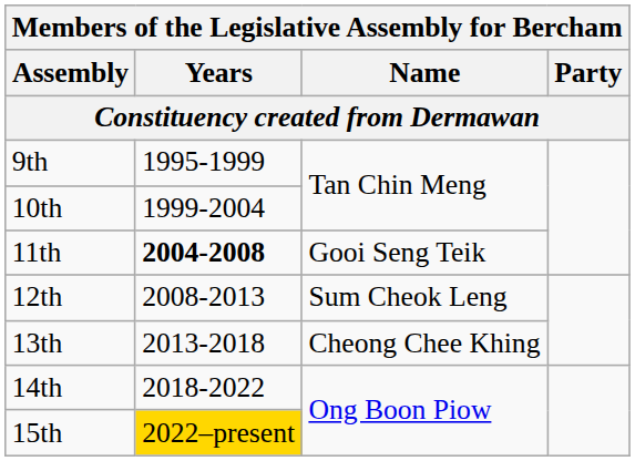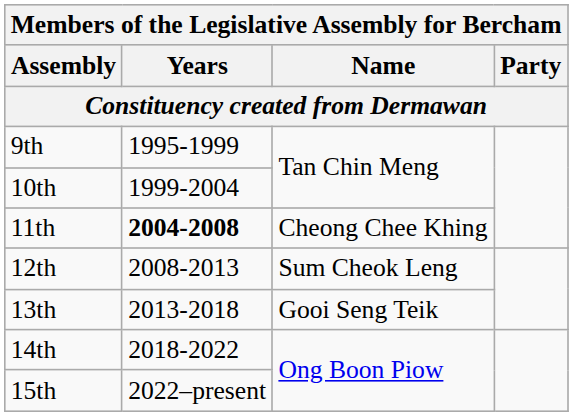 <table class="wikitable">
 <tr>
 <th colspan="4">Members of the Legislative Assembly for Bercham</th>
 </tr>
 <tr>
 <th>Assembly</th>
 <th>Years</th>
 <th>Name</th>
 <th>Party</th>
 </tr>
 <tr>
 <th colspan="4"><em>Constituency created from Dermawan</em></th>
 </tr>
 <tr>
 <td>9th</td>
 <td>1995-1999</td>
 <td rowspan="2">Tan Chin Meng</td>
 <td rowspan="3"></td>
 </tr>
 <tr>
 <td>10th</td>
 <td>1999-2004</td>
 </tr>
 <tr>
 <td>11th</td>
 <td><strong>2004-2008</strong></td>
-<td>Gooi Seng Teik</td>
+<td>Cheong Chee Khing</td>
 </tr>
 <tr>
 <td>12th</td>
 <td>2008-2013</td>
 <td>Sum Cheok Leng</td>
 <td rowspan="2"></td>
 </tr>
 <tr>
 <td>13th</td>
 <td>2013-2018</td>
-<td>Cheong Chee Khing</td>
+<td>Gooi Seng Teik</td>
 </tr>
 <tr>
 <td>14th</td>
 <td>2018-2022</td>
 <td rowspan="2"><a href='#'>Ong Boon Piow</a></td>
 <td rowspan="2"></td>
 </tr>
 <tr>
 <td>15th</td>
-<td style="background: gold;">2022–present</td>
+<td>2022–present</td>
 </tr>
 </table>
